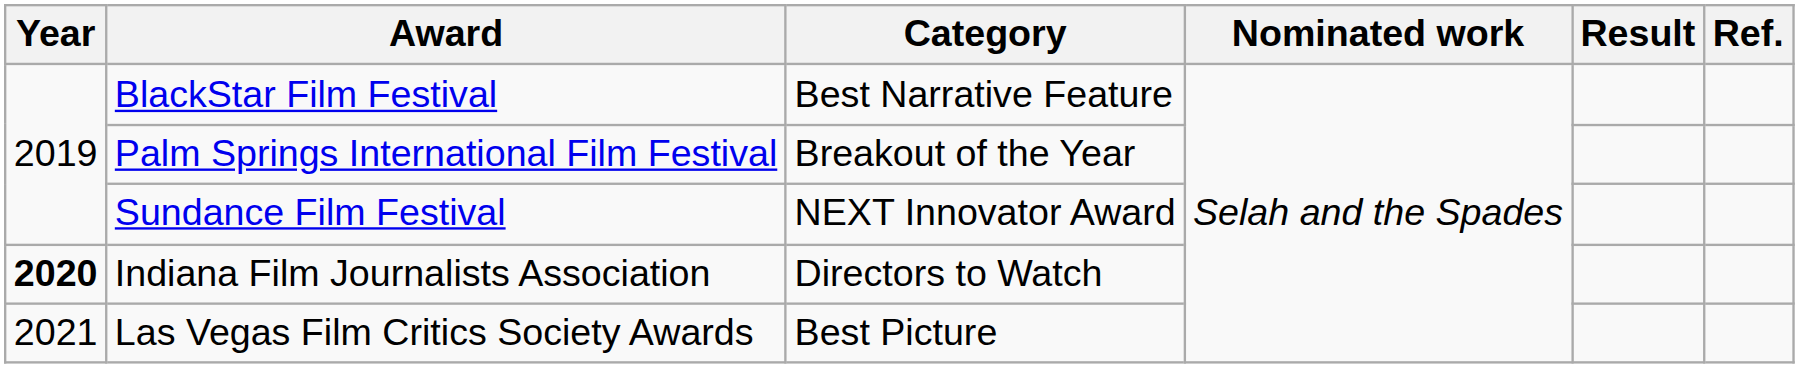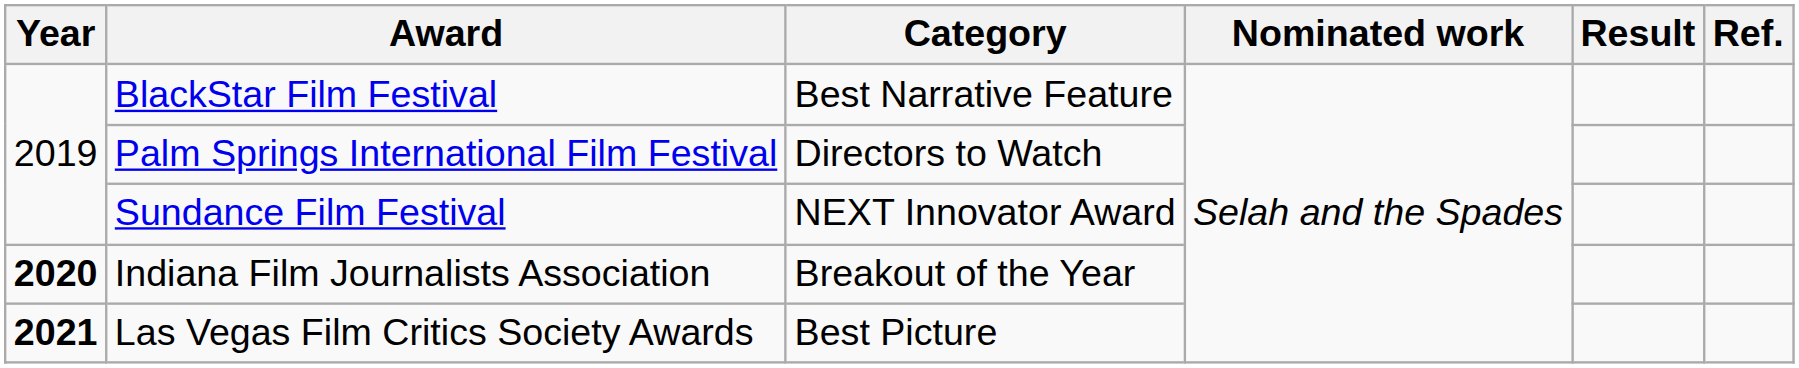 <table class="wikitable">
 <tr>
 <th>Year</th>
 <th>Award</th>
 <th>Category</th>
 <th>Nominated work</th>
 <th>Result</th>
 <th>Ref.</th>
 </tr>
 <tr>
 <td rowspan="3">2019</td>
 <td><a href='#'>BlackStar Film Festival</a></td>
 <td>Best Narrative Feature</td>
 <td rowspan="5"><em>Selah and the Spades</em></td>
 <td></td>
 <td></td>
 </tr>
 <tr>
 <td><a href='#'>Palm Springs International Film Festival</a></td>
-<td>Breakout of the Year</td>
+<td>Directors to Watch</td>
 <td></td>
 <td></td>
 </tr>
 <tr>
 <td><a href='#'>Sundance Film Festival</a></td>
 <td>NEXT Innovator Award</td>
 <td></td>
 <td></td>
 </tr>
 <tr>
 <td><strong>2020</strong></td>
 <td>Indiana Film Journalists Association</td>
-<td>Directors to Watch</td>
+<td>Breakout of the Year</td>
 <td></td>
 <td></td>
 </tr>
 <tr>
-<td>2021</td>
+<td><strong>2021</strong></td>
 <td>Las Vegas Film Critics Society Awards</td>
 <td>Best Picture</td>
 <td></td>
 <td></td>
 </tr>
 </table>
